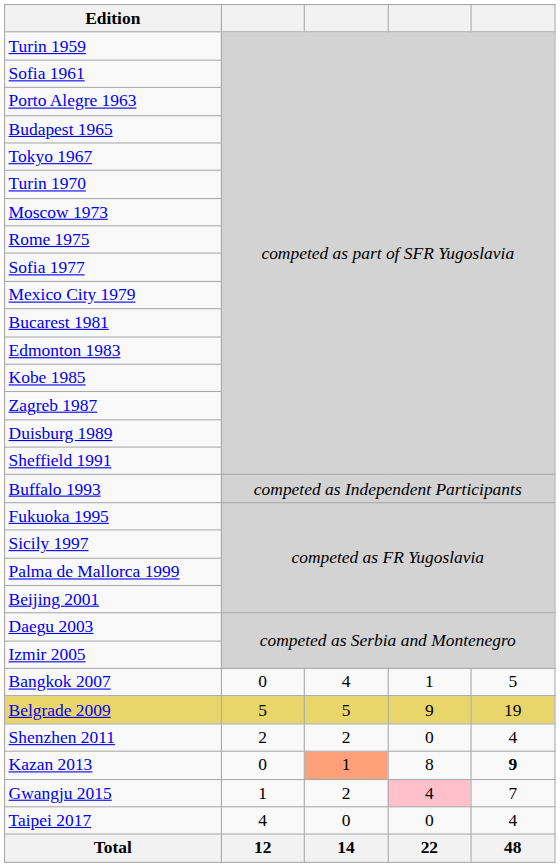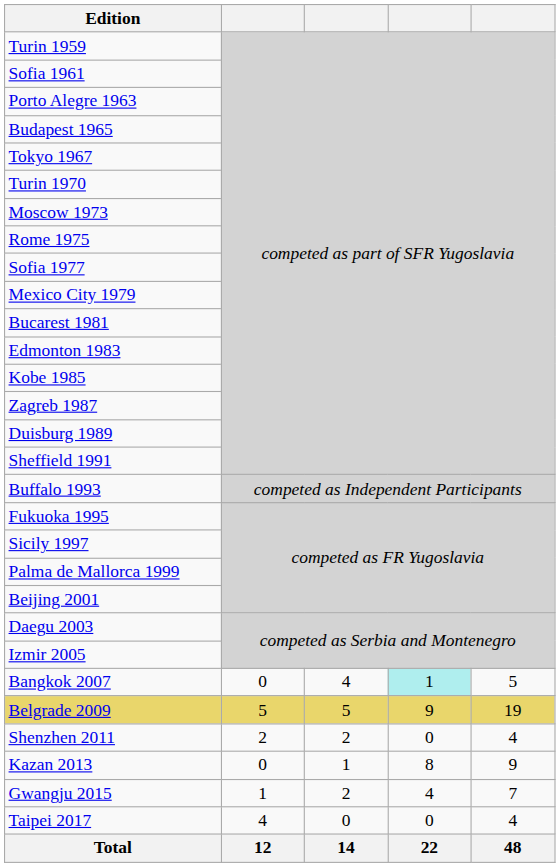 <table class="wikitable" width=40% style="font-size:100%; text-align:center;">
 <tr>
 <th>Edition</th>
 <th></th>
 <th></th>
 <th></th>
 <th></th>
 </tr>
 <tr>
 <td align=left> <a href='#'>Turin 1959</a></td>
 <td rowspan=16 colspan=4 bgcolor=lightgrey><em>competed as part of SFR Yugoslavia</em></td>
 </tr>
 <tr>
 <td align=left> <a href='#'>Sofia 1961</a></td>
 </tr>
 <tr>
 <td align=left> <a href='#'>Porto Alegre 1963</a></td>
 </tr>
 <tr>
 <td align=left> <a href='#'>Budapest 1965</a></td>
 </tr>
 <tr>
 <td align=left> <a href='#'>Tokyo 1967</a></td>
 </tr>
 <tr>
 <td align=left> <a href='#'>Turin 1970</a></td>
 </tr>
 <tr>
 <td align=left> <a href='#'>Moscow 1973</a></td>
 </tr>
 <tr>
 <td align=left> <a href='#'>Rome 1975</a></td>
 </tr>
 <tr>
 <td align=left> <a href='#'>Sofia 1977</a></td>
 </tr>
 <tr>
 <td align=left> <a href='#'>Mexico City 1979</a></td>
 </tr>
 <tr>
 <td align=left> <a href='#'>Bucarest 1981</a></td>
 </tr>
 <tr>
 <td align=left> <a href='#'>Edmonton 1983</a></td>
 </tr>
 <tr>
 <td align=left> <a href='#'>Kobe 1985</a></td>
 </tr>
 <tr>
 <td align=left> <a href='#'>Zagreb 1987</a></td>
 </tr>
 <tr>
 <td align=left> <a href='#'>Duisburg 1989</a></td>
 </tr>
 <tr>
 <td align=left> <a href='#'>Sheffield 1991</a></td>
 </tr>
 <tr>
 <td align=left> <a href='#'>Buffalo 1993</a></td>
 <td rowspan=1 colspan=4 bgcolor=lightgrey><em>competed as Independent Participants</em></td>
 </tr>
 <tr>
 <td align=left> <a href='#'>Fukuoka 1995</a></td>
 <td rowspan=4 colspan=4 bgcolor=lightgrey><em>competed as FR Yugoslavia</em></td>
 </tr>
 <tr>
 <td align=left> <a href='#'>Sicily 1997</a></td>
 </tr>
 <tr>
 <td align=left> <a href='#'>Palma de Mallorca 1999</a></td>
 </tr>
 <tr>
 <td align=left> <a href='#'>Beijing 2001</a></td>
 </tr>
 <tr>
 <td align=left> <a href='#'>Daegu 2003</a></td>
 <td rowspan=2 colspan=4 bgcolor=lightgrey><em>competed as Serbia and Montenegro</em></td>
 </tr>
 <tr>
 <td align=left> <a href='#'>Izmir 2005</a></td>
 </tr>
 <tr>
 <td align=left> <a href='#'>Bangkok 2007</a></td>
 <td>0</td>
 <td>4</td>
-<td>1</td>
+<td style="background: paleturquoise;">1</td>
 <td>5</td>
 </tr>
 <tr bgcolor=E9D66B>
 <td align=left> <a href='#'>Belgrade 2009</a></td>
 <td>5</td>
 <td>5</td>
 <td>9</td>
 <td>19</td>
 </tr>
 <tr>
 <td align=left> <a href='#'>Shenzhen 2011</a></td>
 <td>2</td>
 <td>2</td>
 <td>0</td>
 <td>4</td>
 </tr>
 <tr>
 <td align=left> <a href='#'>Kazan 2013</a></td>
 <td>0</td>
-<td style="background: lightsalmon;">1</td>
+<td>1</td>
 <td>8</td>
-<td><strong>9</strong></td>
+<td>9</td>
 </tr>
 <tr>
 <td align=left> <a href='#'>Gwangju 2015</a></td>
 <td>1</td>
 <td>2</td>
-<td style="background: pink;">4</td>
+<td>4</td>
 <td>7</td>
 </tr>
 <tr>
 <td align=left> <a href='#'>Taipei 2017</a></td>
 <td>4</td>
 <td>0</td>
 <td>0</td>
 <td>4</td>
 </tr>
 <tr>
 <th align-right>Total</th>
 <th>12</th>
 <th>14</th>
 <th>22</th>
 <th>48</th>
 </tr>
 </table>
